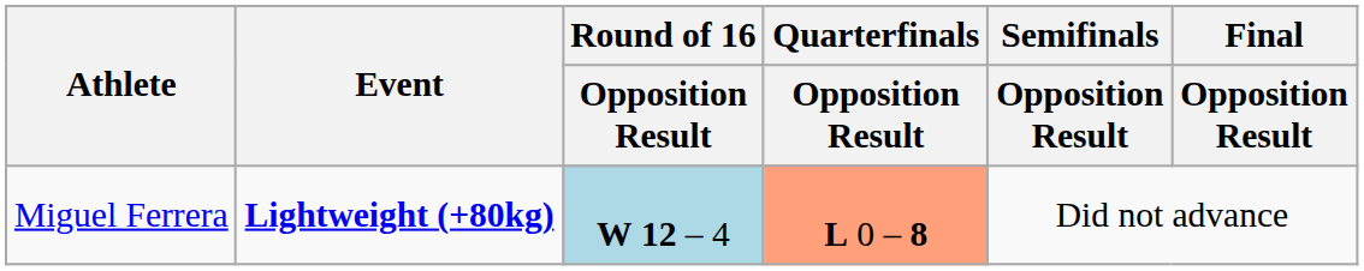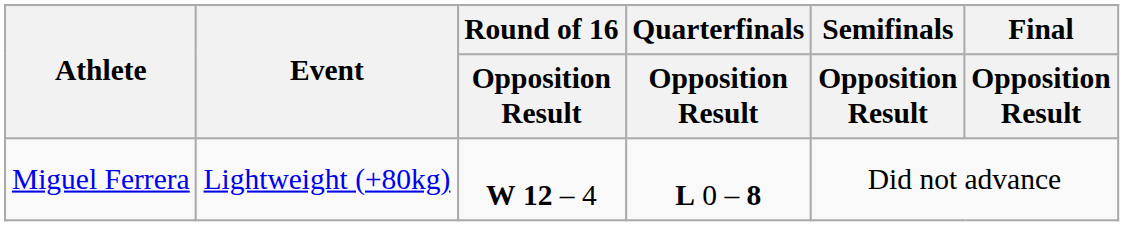 <table class="wikitable" style="font-size:90%">
 <tr>
 <th rowspan=2>Athlete</th>
 <th rowspan=2>Event</th>
 <th>Round of 16</th>
 <th>Quarterfinals</th>
 <th>Semifinals</th>
 <th>Final</th>
 </tr>
 <tr>
 <th>Opposition<br>Result</th>
 <th>Opposition<br>Result</th>
 <th>Opposition<br>Result</th>
 <th>Opposition<br>Result</th>
 </tr>
 <tr>
 <td><a href='#'>Miguel Ferrera</a></td>
-<td><strong><a href='#'>Lightweight (+80kg)</a></strong></td>
-<td align=center style="background: lightblue;"><br><strong>W</strong> <strong>12</strong> – 4</td>
-<td align=center style="background: lightsalmon;"><br><strong>L</strong> 0 – <strong>8</strong></td>
+<td><a href='#'>Lightweight (+80kg)</a></td>
+<td align=center><br><strong>W</strong> <strong>12</strong> – 4</td>
+<td align=center><br><strong>L</strong> 0 – <strong>8</strong></td>
 <td align=center colspan="7">Did not advance</td>
 </tr>
 </table>
